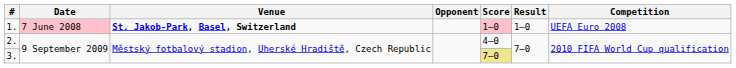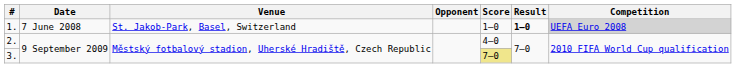 <table class="wikitable">
 <tr>
 <th>#</th>
 <th>Date</th>
 <th>Venue</th>
 <th>Opponent</th>
 <th>Score</th>
 <th>Result</th>
 <th>Competition</th>
 </tr>
 <tr>
 <td>1.</td>
-<td style="background: pink;">7 June 2008</td>
-<td><strong><a href='#'>St. Jakob-Park</a>, <a href='#'>Basel</a>, Switzerland</strong></td>
+<td>7 June 2008</td>
+<td><a href='#'>St. Jakob-Park</a>, <a href='#'>Basel</a>, Switzerland</td>
 <td></td>
-<td style="background: pink;">1–0</td>
 <td>1–0</td>
-<td><a href='#'>UEFA Euro 2008</a></td>
+<td><strong>1–0</strong></td>
+<td style="background: lightgrey;"><a href='#'>UEFA Euro 2008</a></td>
 </tr>
 <tr>
 <td>2.</td>
 <td rowspan="2">9 September 2009</td>
 <td rowspan="2"><a href='#'>Městský fotbalový stadion</a>, <a href='#'>Uherské Hradiště</a>, Czech Republic</td>
 <td rowspan="2"></td>
 <td>4–0</td>
 <td rowspan="2">7–0</td>
 <td rowspan="2"><a href='#'>2010 FIFA World Cup qualification</a></td>
 </tr>
 <tr>
 <td>3.</td>
 <td style="background: khaki;">7–0</td>
 </tr>
 </table>
